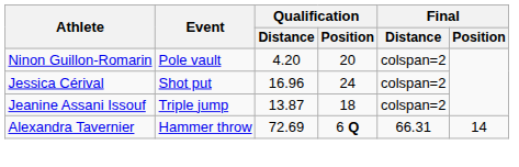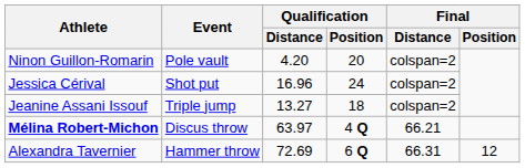 <table class=wikitable style=font-size:90%>
 <tr>
 <th rowspan=2>Athlete</th>
 <th rowspan=2>Event</th>
 <th colspan=2>Qualification</th>
 <th colspan=2>Final</th>
 </tr>
 <tr style=font-size:95%>
 <th>Distance</th>
 <th>Position</th>
 <th>Distance</th>
 <th>Position</th>
 </tr>
 <tr align=center>
 <td align=left><a href='#'>Ninon Guillon-Romarin</a></td>
 <td align=left><a href='#'>Pole vault</a></td>
 <td>4.20</td>
 <td>20</td>
 <td>colspan=2 </td>
 </tr>
 <tr align=center>
 <td align=left><a href='#'>Jessica Cérival</a></td>
 <td align=left><a href='#'>Shot put</a></td>
 <td>16.96</td>
 <td>24</td>
 <td>colspan=2 </td>
 </tr>
 <tr align=center>
 <td align=left><a href='#'>Jeanine Assani Issouf</a></td>
 <td align=left><a href='#'>Triple jump</a></td>
-<td>13.87</td>
+<td>13.27</td>
 <td>18</td>
 <td>colspan=2 </td>
+</tr>
+<tr align=center>
+<td align=left><strong><a href='#'>Mélina Robert-Michon</a></strong></td>
+<td align=left><a href='#'>Discus throw</a></td>
+<td>63.97 <strong></strong></td>
+<td>4 <strong>Q</strong></td>
+<td>66.21 <strong></strong></td>
+<td></td>
 </tr>
 <tr align=center>
 <td align=left><a href='#'>Alexandra Tavernier</a></td>
 <td align=left><a href='#'>Hammer throw</a></td>
 <td>72.69 <strong></strong></td>
 <td>6 <strong>Q</strong></td>
 <td>66.31</td>
-<td>14</td>
+<td>12</td>
 </tr>
 </table>
